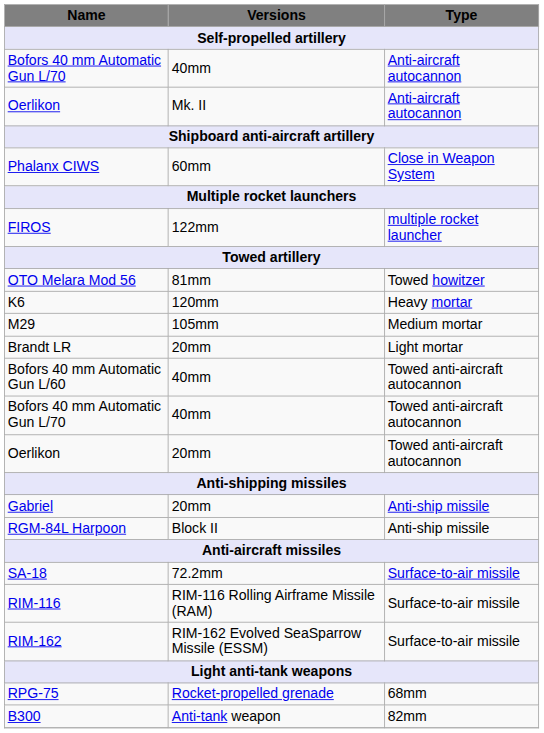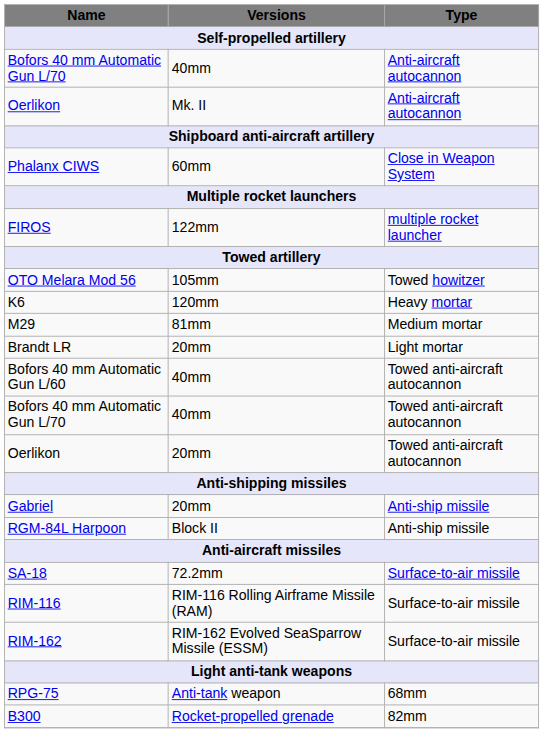 <table class="wikitable">
 <tr>
 <th style="color: #000000; background-color: grey;">Name</th>
 <th style="color: #000000; background-color: grey;">Versions</th>
 <th style="color: #000000; background-color: grey;">Type</th>
 </tr>
 <tr>
 <th style="align: center; background: lavender;" colspan="5"><strong>Self-propelled artillery</strong></th>
 </tr>
 <tr>
 <td><a href='#'>Bofors 40 mm Automatic Gun L/70</a></td>
 <td>40mm</td>
 <td><a href='#'>Anti-aircraft</a> <a href='#'>autocannon</a></td>
 </tr>
 <tr>
 <td><a href='#'>Oerlikon</a></td>
 <td>Mk. II</td>
 <td><a href='#'>Anti-aircraft</a> <a href='#'>autocannon</a></td>
 </tr>
 <tr>
 <th style="align: center; background: lavender;" colspan="5"><strong>Shipboard anti-aircraft artillery</strong></th>
 </tr>
 <tr>
 <td><a href='#'>Phalanx CIWS</a></td>
 <td>60mm</td>
 <td><a href='#'>Close in Weapon System</a></td>
 </tr>
 <tr>
 <th style="align: center; background: lavender;" colspan="5"><strong>Multiple rocket launchers</strong></th>
 </tr>
 <tr>
 <td><a href='#'>FIROS</a></td>
 <td>122mm</td>
 <td><a href='#'>multiple rocket launcher</a></td>
 </tr>
 <tr>
 <th style="align: center; background: lavender;" colspan="5"><strong>Towed artillery</strong></th>
 </tr>
 <tr>
 <td><a href='#'>OTO Melara Mod 56</a></td>
-<td>81mm</td>
+<td>105mm</td>
 <td>Towed <a href='#'>howitzer</a></td>
 </tr>
 <tr>
 <td>K6</td>
 <td>120mm</td>
 <td>Heavy <a href='#'>mortar</a></td>
 </tr>
 <tr>
 <td>M29</td>
-<td>105mm</td>
+<td>81mm</td>
 <td>Medium mortar</td>
 </tr>
 <tr>
 <td>Brandt LR</td>
 <td>20mm</td>
 <td>Light mortar</td>
 </tr>
 <tr>
 <td>Bofors 40 mm Automatic Gun L/60</td>
 <td>40mm</td>
 <td>Towed anti-aircraft autocannon</td>
 </tr>
 <tr>
 <td>Bofors 40 mm Automatic Gun L/70</td>
 <td>40mm</td>
 <td>Towed anti-aircraft autocannon</td>
 </tr>
 <tr>
 <td>Oerlikon</td>
 <td>20mm</td>
 <td>Towed anti-aircraft autocannon</td>
 </tr>
 <tr>
 <th style="align: center; background: lavender;" colspan="5"><strong>Anti-shipping missiles</strong></th>
 </tr>
 <tr>
 <td><a href='#'>Gabriel</a></td>
 <td>20mm</td>
 <td><a href='#'>Anti-ship missile</a></td>
 </tr>
 <tr>
 <td><a href='#'>RGM-84L Harpoon</a></td>
 <td>Block II</td>
 <td>Anti-ship missile</td>
 </tr>
 <tr>
 <th style="align: center; background: lavender;" colspan="5"><strong>Anti-aircraft missiles</strong></th>
 </tr>
 <tr>
 <td><a href='#'>SA-18</a></td>
 <td>72.2mm</td>
 <td><a href='#'>Surface-to-air missile</a></td>
 </tr>
 <tr>
 <td><a href='#'>RIM-116</a></td>
 <td>RIM-116 Rolling Airframe Missile (RAM)</td>
 <td>Surface-to-air missile</td>
 </tr>
 <tr>
 <td><a href='#'>RIM-162</a></td>
 <td>RIM-162 Evolved SeaSparrow Missile (ESSM)</td>
 <td>Surface-to-air missile</td>
 </tr>
 <tr>
 <th style="align: center; background: lavender;" colspan="5"><strong>Light anti-tank weapons</strong></th>
 </tr>
 <tr>
 <td><a href='#'>RPG-75</a></td>
-<td><a href='#'>Rocket-propelled grenade</a></td>
+<td><a href='#'>Anti-tank</a> weapon</td>
 <td>68mm</td>
 </tr>
 <tr>
 <td><a href='#'>B300</a></td>
-<td><a href='#'>Anti-tank</a> weapon</td>
+<td><a href='#'>Rocket-propelled grenade</a></td>
 <td>82mm</td>
 </tr>
 <tr>
 </tr>
 </table>
